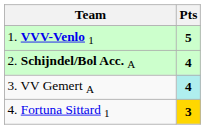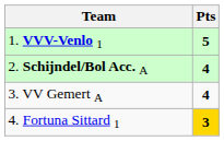 <table class="wikitable" style="text-align:center; float:left; margin-right:1em">
 <tr>
 <th style="width:200px">Team</th>
 <th width=20>Pts</th>
 </tr>
 <tr bgcolor=ccffcc>
 <td align=left>1. <strong><a href='#'>VVV-Venlo</a></strong> <sub>1</sub></td>
 <td><strong>5</strong></td>
 </tr>
 <tr bgcolor=ccffcc>
 <td align=left>2. <strong>Schijndel/Bol Acc.</strong> <sub>A</sub></td>
 <td><strong>4</strong></td>
 </tr>
 <tr>
 <td align=left>3. VV Gemert <sub>A</sub></td>
-<td style="background: paleturquoise;"><strong>4</strong></td>
+<td><strong>4</strong></td>
 </tr>
 <tr>
 <td align=left>4. <a href='#'>Fortuna Sittard</a> <sub>1</sub></td>
 <td style="background: gold;"><strong>3</strong></td>
 </tr>
 </table>
